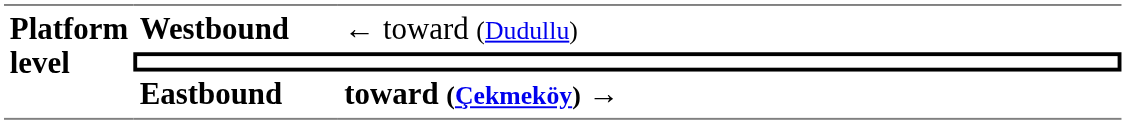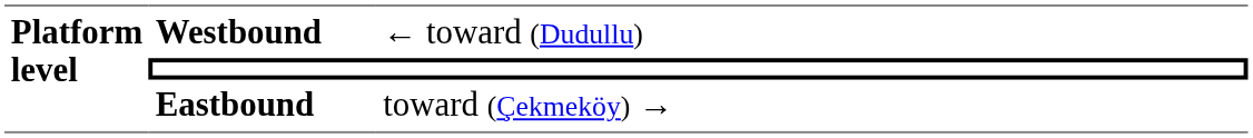 <table cellpadding="3" cellspacing="0" border="0">
 <tr>
 <td rowspan="3" width="50" style="border-top-color: gray; border-bottom-color: gray; border-top-width: 1px; border-bottom-width: 1px; border-top-style: solid; border-bottom-style: solid;" valign="top"><strong>Platform level</strong></td>
 <td width="100" style="border-top-color: gray; border-top-width: 1px; border-top-style: solid;"><strong>Westbound</strong></td>
 <td width="400" style="border-top-color: gray; border-top-width: 1px; border-top-style: solid;">←  toward  <small>(<a href='#'>Dudullu</a>)</small></td>
 </tr>
 <tr>
 <td colspan="2" style="border: 2px solid black; border-image: none; text-align: center;"></td>
 </tr>
 <tr>
 <td style="border-bottom-color: gray; border-bottom-width: 1px; border-bottom-style: solid;"><strong>Eastbound</strong></td>
-<td style="border-bottom-color: gray; border-bottom-width: 1px; border-bottom-style: solid;"><strong> toward  <small>(<a href='#'>Çekmeköy</a>)</small> →</strong></td>
+<td style="border-bottom-color: gray; border-bottom-width: 1px; border-bottom-style: solid;"> toward  <small>(<a href='#'>Çekmeköy</a>)</small> →</td>
 </tr>
 </table>
